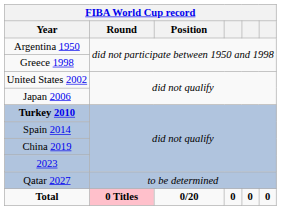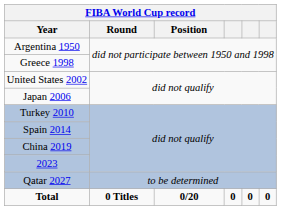 <table class="wikitable" style="text-align: center;">
 <tr>
 <th colspan=10><a href='#'>FIBA World Cup record</a></th>
 </tr>
 <tr>
 <th>Year</th>
 <th>Round</th>
 <th>Position</th>
 <th></th>
 <th></th>
 <th></th>
 </tr>
 <tr>
 <td>Argentina <a href='#'>1950</a></td>
 <td colspan="6" rowspan=2><em>did not participate between 1950 and 1998</em></td>
 </tr>
 <tr>
 <td>Greece <a href='#'>1998</a></td>
 </tr>
 <tr>
 <td>United States <a href='#'>2002</a></td>
 <td colspan="6" rowspan=2><em>did not qualify</em></td>
 </tr>
 <tr>
 <td>Japan <a href='#'>2006</a></td>
 </tr>
 <tr bgcolor=B0C4DE>
-<td><strong>Turkey <a href='#'>2010</a></strong></td>
+<td>Turkey <a href='#'>2010</a></td>
 <td colspan="6" rowspan=4><em>did not qualify</em></td>
 </tr>
 <tr bgcolor=B0C4DE>
 <td>Spain <a href='#'>2014</a></td>
 </tr>
 <tr bgcolor=B0C4DE>
 <td>China <a href='#'>2019</a></td>
 </tr>
 <tr bgcolor=B0C4DE>
 <td> <a href='#'>2023</a></td>
 </tr>
 <tr bgcolor=B0C4DE>
 <td>Qatar <a href='#'>2027</a></td>
 <td colspan="6"><em>to be determined</em></td>
 </tr>
 <tr>
 <td colspan=1><strong>Total</strong></td>
-<td style="background: pink;"><strong>0 Titles</strong></td>
+<td><strong>0 Titles</strong></td>
 <td><strong>0/20</strong></td>
 <td><strong>0</strong></td>
 <td><strong>0</strong></td>
 <td><strong>0</strong></td>
 </tr>
 </table>
